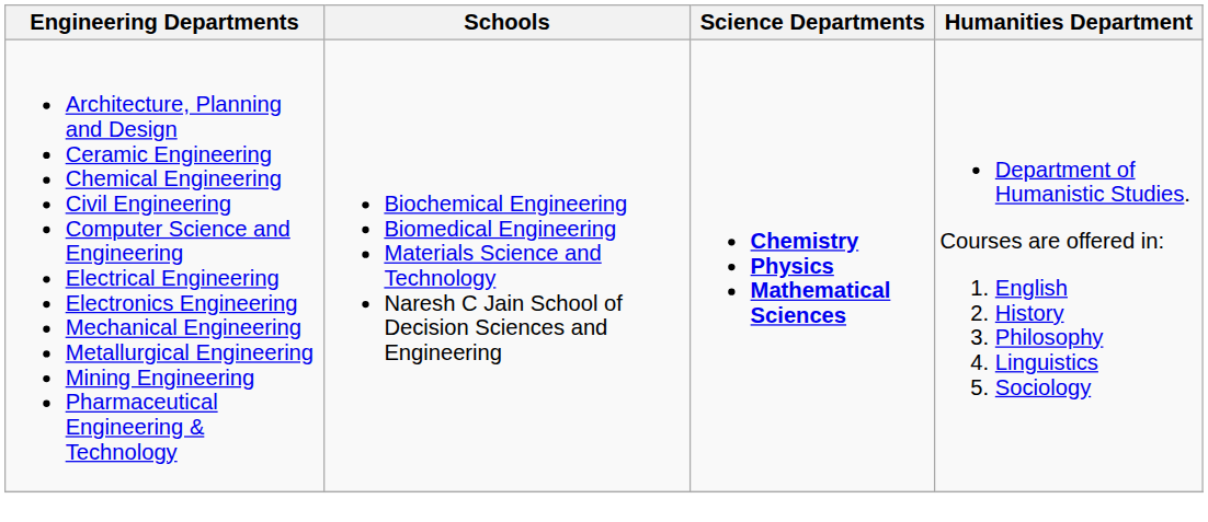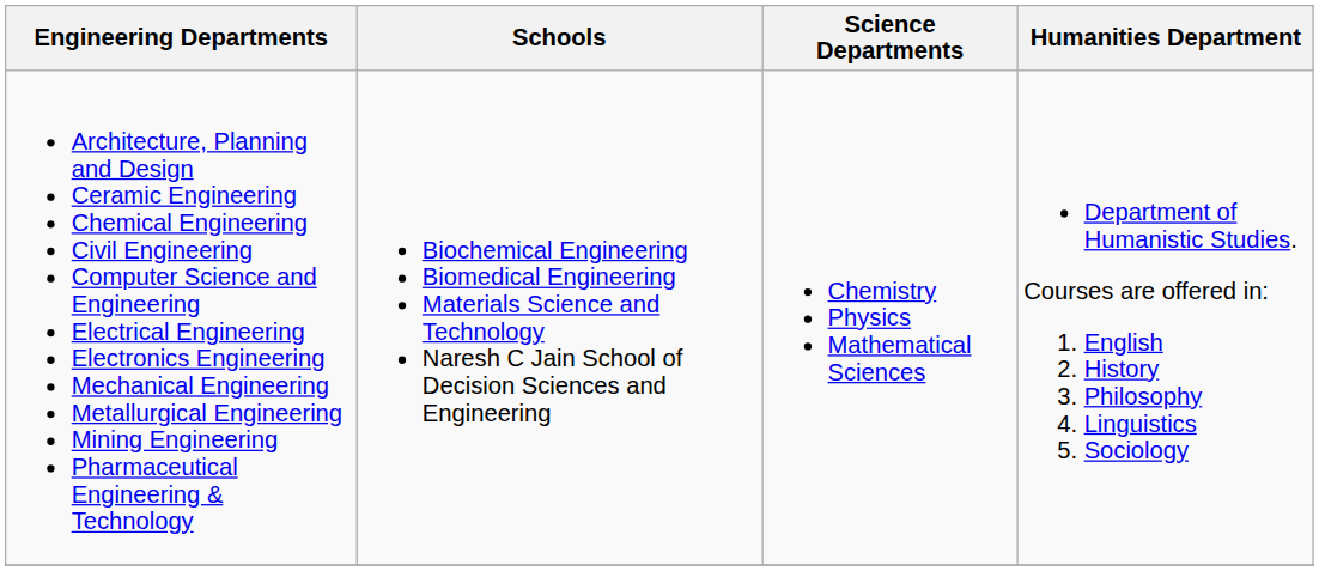 <table class="wikitable">
 <tr>
 <th>Engineering Departments</th>
 <th>Schools</th>
 <th>Science Departments</th>
 <th>Humanities Department</th>
 </tr>
 <tr>
 <td><br><ul><li><a href='#'>Architecture, Planning and Design</a></li><li><a href='#'>Ceramic Engineering</a></li><li><a href='#'>Chemical Engineering</a></li><li><a href='#'>Civil Engineering</a></li><li><a href='#'>Computer Science and Engineering</a></li><li><a href='#'>Electrical Engineering</a></li><li><a href='#'>Electronics Engineering</a></li><li><a href='#'>Mechanical Engineering</a></li><li><a href='#'>Metallurgical Engineering</a></li><li><a href='#'>Mining Engineering</a></li><li><a href='#'>Pharmaceutical Engineering & Technology</a></li></ul></td>
 <td><br><ul><li><a href='#'>Biochemical Engineering</a></li><li><a href='#'>Biomedical Engineering</a></li><li><a href='#'>Materials Science and Technology</a></li><li>Naresh C Jain School of Decision Sciences and Engineering </li></ul></td>
-<td><strong><br><ul><li><a href='#'>Chemistry</a></li><li><a href='#'>Physics</a></li><li><a href='#'>Mathematical Sciences</a></li></ul></strong></td>
+<td><br><ul><li><a href='#'>Chemistry</a></li><li><a href='#'>Physics</a></li><li><a href='#'>Mathematical Sciences</a></li></ul></td>
 <td><br><ul><li><a href='#'>Department of Humanistic Studies</a>.</li></ul>Courses are offered in:<ol><li><a href='#'>English</a></li><li><a href='#'>History</a></li><li><a href='#'>Philosophy</a></li><li><a href='#'>Linguistics</a></li><li><a href='#'>Sociology</a></li></ol></td>
 </tr>
 <tr>
 </tr>
 </table>
